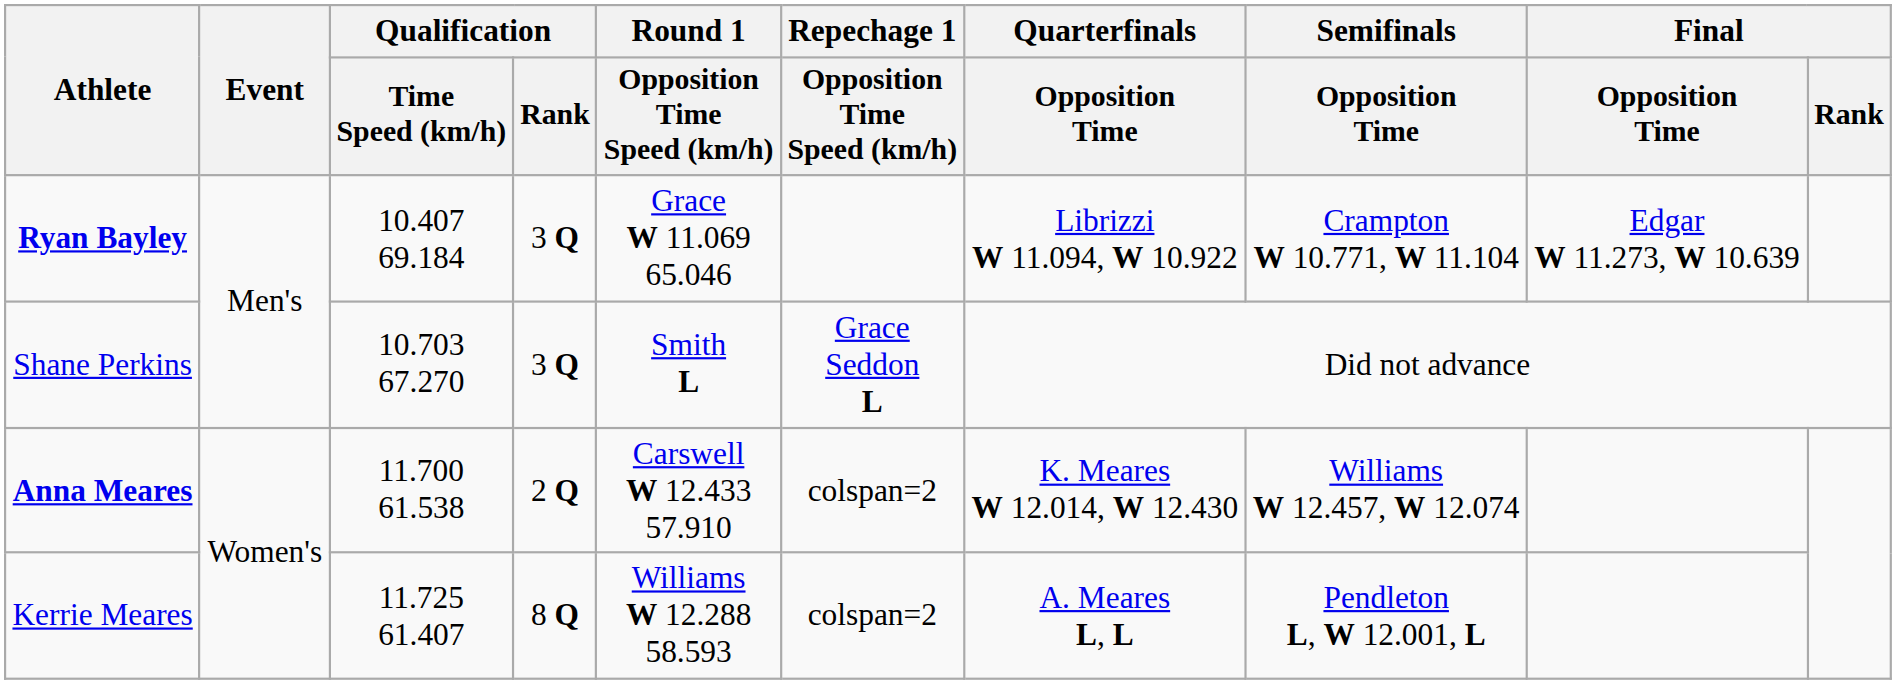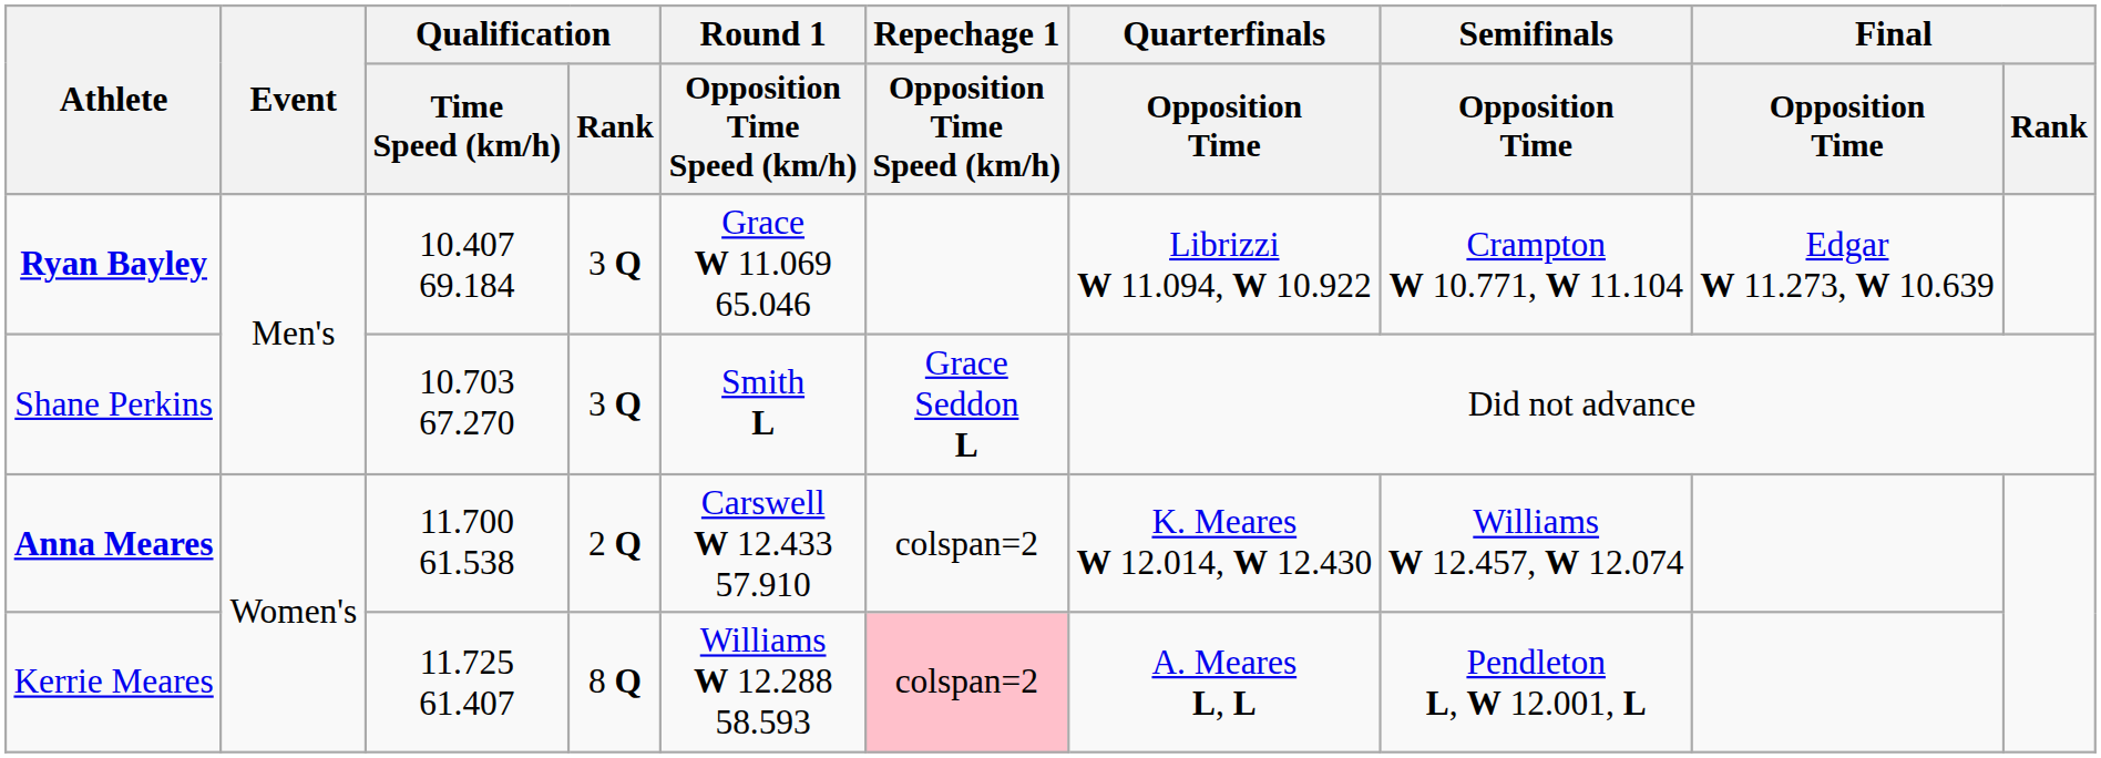 <table class="wikitable" style="font-size:90%;text-align:center">
 <tr>
 <th rowspan=2>Athlete</th>
 <th rowspan=2>Event</th>
 <th colspan=2>Qualification</th>
 <th>Round 1</th>
 <th>Repechage 1</th>
 <th>Quarterfinals</th>
 <th>Semifinals</th>
 <th colspan=2>Final</th>
 </tr>
 <tr style="font-size:95%">
 <th>Time<br>Speed (km/h)</th>
 <th>Rank</th>
 <th>Opposition<br>Time<br>Speed (km/h)</th>
 <th>Opposition<br>Time<br>Speed (km/h)</th>
 <th>Opposition<br>Time</th>
 <th>Opposition<br>Time</th>
 <th>Opposition<br>Time</th>
 <th>Rank</th>
 </tr>
 <tr>
 <td><strong><a href='#'>Ryan Bayley</a></strong></td>
 <td rowspan=2>Men's</td>
 <td>10.407<br>69.184</td>
 <td>3 <strong>Q</strong></td>
 <td> <a href='#'>Grace</a><br><strong>W</strong> 11.069<br>65.046</td>
 <td></td>
 <td> <a href='#'>Librizzi</a><br><strong>W</strong> 11.094, <strong>W</strong> 10.922</td>
 <td> <a href='#'>Crampton</a><br><strong>W</strong> 10.771, <strong>W</strong> 11.104</td>
 <td> <a href='#'>Edgar</a><br><strong>W</strong> 11.273, <strong>W</strong> 10.639</td>
 <td></td>
 </tr>
 <tr>
 <td><a href='#'>Shane Perkins</a></td>
 <td>10.703<br>67.270</td>
 <td>3 <strong>Q</strong></td>
 <td> <a href='#'>Smith</a><br><strong>L</strong></td>
 <td> <a href='#'>Grace</a><br> <a href='#'>Seddon</a><br><strong>L</strong></td>
 <td colspan=4>Did not advance</td>
 </tr>
 <tr>
 <td><strong><a href='#'>Anna Meares</a></strong></td>
 <td rowspan=2>Women's</td>
 <td>11.700<br>61.538</td>
 <td>2 <strong>Q</strong></td>
 <td> <a href='#'>Carswell</a><br><strong>W</strong> 12.433<br>57.910</td>
 <td>colspan=2 </td>
 <td> <a href='#'>K. Meares</a><br> <strong>W</strong> 12.014, <strong>W</strong> 12.430</td>
 <td> <a href='#'>Williams</a><br><strong>W</strong> 12.457, <strong>W</strong> 12.074</td>
 <td></td>
 </tr>
 <tr>
 <td><a href='#'>Kerrie Meares</a></td>
 <td>11.725<br>61.407</td>
 <td>8 <strong>Q</strong></td>
 <td> <a href='#'>Williams</a><br><strong>W</strong> 12.288<br>58.593</td>
-<td>colspan=2 </td>
+<td style="background: pink;">colspan=2 </td>
 <td> <a href='#'>A. Meares</a><br><strong>L</strong>, <strong>L</strong></td>
 <td> <a href='#'>Pendleton</a><br><strong>L</strong>, <strong>W</strong> 12.001, <strong>L</strong></td>
 <td></td>
 </tr>
 </table>
